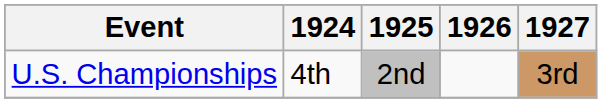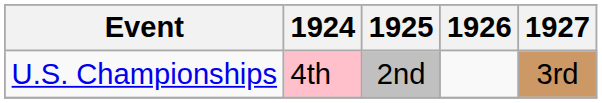 <table class="wikitable">
 <tr>
 <th>Event</th>
 <th>1924</th>
 <th>1925</th>
 <th>1926</th>
 <th>1927</th>
 </tr>
 <tr>
 <td><a href='#'>U.S. Championships</a></td>
-<td>4th</td>
+<td style="background: pink;">4th</td>
 <td align="center" bgcolor="silver">2nd</td>
 <td></td>
 <td align="center" bgcolor="cc9966">3rd</td>
 </tr>
 <tr>
 </tr>
 </table>
